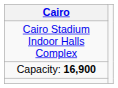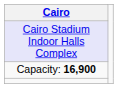 <table class="wikitable" style="text-align:center" align=center>
 <tr>
 <th><a href='#'>Cairo</a></th>
 <td rowspan=6></td>
 </tr>
 <tr>
-<td width=150px><a href='#'>Cairo Stadium Indoor Halls Complex</a></td>
+<td width=150px style="background: lavender;"><a href='#'>Cairo Stadium Indoor Halls Complex</a></td>
 </tr>
 <tr>
 <td>Capacity: <strong>16,900</strong></td>
 </tr>
 <tr>
 <td></td>
 </tr>
 </table>
